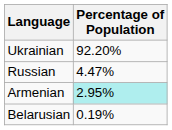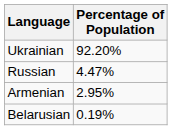 <table class="wikitable">
 <tr>
 <th>Language</th>
 <th>Percentage of<br>Population</th>
 </tr>
 <tr>
 <td>Ukrainian</td>
 <td>92.20%</td>
 </tr>
 <tr>
 <td>Russian</td>
 <td>4.47%</td>
 </tr>
 <tr>
 <td>Armenian</td>
-<td style="background: paleturquoise;">2.95%</td>
+<td>2.95%</td>
 </tr>
 <tr>
 <td>Belarusian</td>
 <td>0.19%</td>
 </tr>
 </table>
